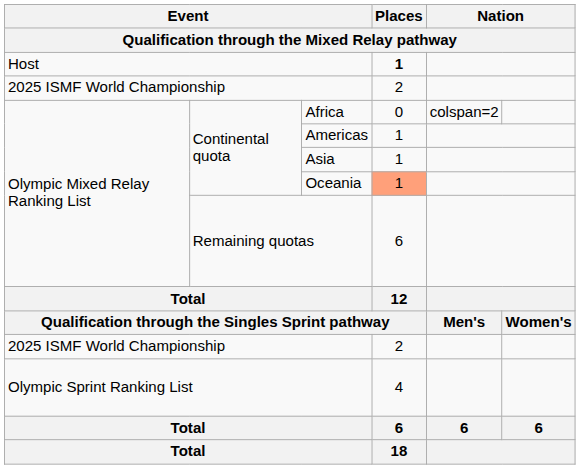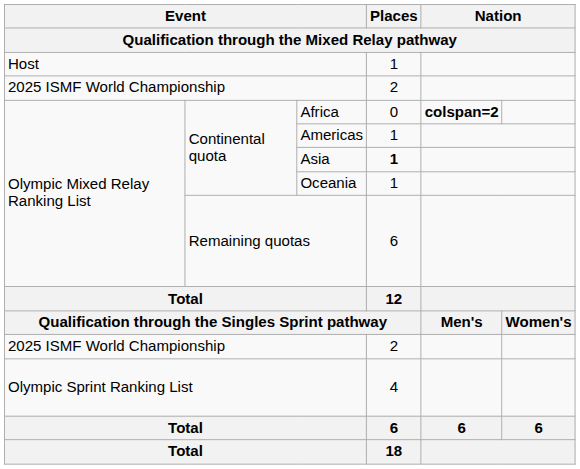 <table class="wikitable">
 <tr>
 <th colspan=3>Event</th>
 <th>Places</th>
 <th colspan=2>Nation</th>
 </tr>
 <tr>
 <th colspan=6>Qualification through the Mixed Relay pathway</th>
 </tr>
 <tr>
 <td colspan=3>Host</td>
-<td align=center><strong>1</strong></td>
+<td align=center>1</td>
 <td colspan=2></td>
 </tr>
 <tr>
 <td colspan=3>2025 ISMF World Championship</td>
 <td align=center>2</td>
 <td colspan=2><br></td>
 </tr>
 <tr>
 <td rowspan=5>Olympic Mixed Relay Ranking List</td>
 <td rowspan=4>Continental quota</td>
 <td>Africa</td>
 <td align=center>0</td>
-<td>colspan=2 </td>
+<td><strong>colspan=2 </strong></td>
 </tr>
 <tr>
 <td>Americas</td>
 <td align=center>1</td>
 <td colspan=2><em></em></td>
 </tr>
 <tr>
 <td>Asia</td>
-<td align=center>1</td>
+<td align=center><strong>1</strong></td>
 <td colspan=2></td>
 </tr>
 <tr>
 <td>Oceania</td>
-<td align=center style="background: lightsalmon;">1</td>
+<td align=center>1</td>
 <td colspan=2></td>
 </tr>
 <tr>
 <td colspan=2>Remaining quotas</td>
 <td align=center>6</td>
 <td colspan=2><br><br><br><em><br><br></em></td>
 </tr>
 <tr>
 <th colspan=3>Total</th>
 <th>12</th>
 <th colspan=2></th>
 </tr>
 <tr>
 <th colspan=4>Qualification through the Singles Sprint pathway</th>
 <th>Men's</th>
 <th>Women's</th>
 </tr>
 <tr>
 <td colspan=3>2025 ISMF World Championship</td>
 <td align=center>2</td>
 <td><br></td>
 <td><br></td>
 </tr>
 <tr>
 <td colspan=3>Olympic Sprint Ranking List</td>
 <td align=center>4</td>
 <td><br><br><br><em></em></td>
 <td><br><br><br><em></em></td>
 </tr>
 <tr>
 <th colspan=3>Total</th>
 <th>6</th>
 <th>6</th>
 <th>6</th>
 </tr>
 <tr>
 <th colspan=3>Total</th>
 <th>18</th>
 <th colspan=2></th>
 </tr>
 </table>
